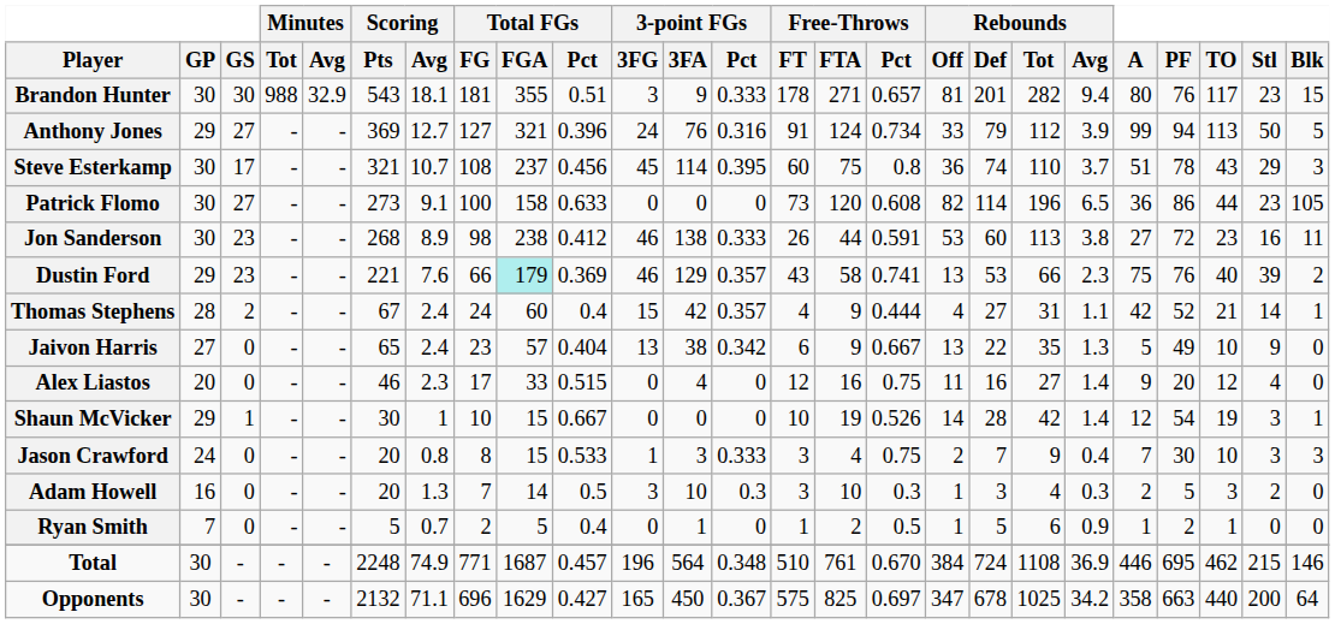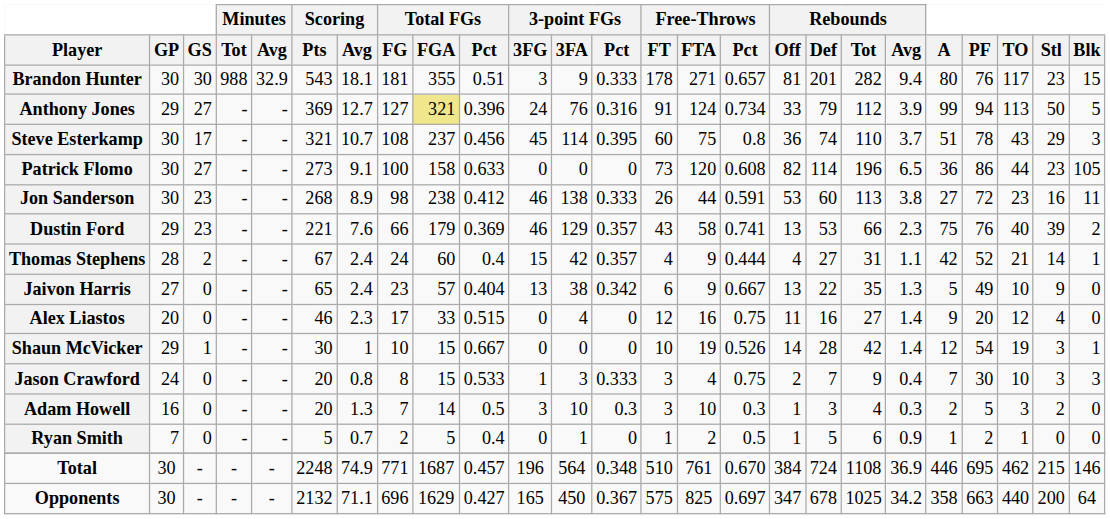 <table class="wikitable sortable" border="1" style="font-size:90%;">
 <tr>
 <th colspan="3" style="border-top-style:hidden; border-left-style:hidden; background: white;"></th>
 <th colspan="2" style=>Minutes</th>
 <th colspan="2" style=>Scoring</th>
 <th colspan="3" style=>Total FGs</th>
 <th colspan="3" style=>3-point FGs</th>
 <th colspan="3" style=>Free-Throws</th>
 <th colspan="4" style=>Rebounds</th>
 <th colspan="5" style="border-top-style:hidden; border-right-style:hidden; background: white;"></th>
 </tr>
 <tr>
 <th scope="col" style=>Player</th>
 <th scope="col" style=>GP</th>
 <th scope="col" style=>GS</th>
 <th scope="col" style=>Tot</th>
 <th scope="col" style=>Avg</th>
 <th scope="col" style=>Pts</th>
 <th scope="col" style=>Avg</th>
 <th scope="col" style=>FG</th>
 <th scope="col" style=>FGA</th>
 <th scope="col" style=>Pct</th>
 <th scope="col" style=>3FG</th>
 <th scope="col" style=>3FA</th>
 <th scope="col" style=>Pct</th>
 <th scope="col" style=>FT</th>
 <th scope="col" style=>FTA</th>
 <th scope="col" style=>Pct</th>
 <th scope="col" style=>Off</th>
 <th scope="col" style=>Def</th>
 <th scope="col" style=>Tot</th>
 <th scope="col" style=>Avg</th>
 <th scope="col" style=>A</th>
 <th scope="col" style=>PF</th>
 <th scope="col" style=>TO</th>
 <th scope="col" style=>Stl</th>
 <th scope="col" style=>Blk</th>
 </tr>
 <tr>
 <th>Brandon Hunter</th>
 <td align="right">30</td>
 <td align="right">30</td>
 <td align="right">988</td>
 <td align="right">32.9</td>
 <td align="right">543</td>
 <td align="right">18.1</td>
 <td align="right">181</td>
 <td align="right">355</td>
 <td align="right">0.51</td>
 <td align="right">3</td>
 <td align="right">9</td>
 <td align="right">0.333</td>
 <td align="right">178</td>
 <td align="right">271</td>
 <td align="right">0.657</td>
 <td align="right">81</td>
 <td align="right">201</td>
 <td align="right">282</td>
 <td align="right">9.4</td>
 <td align="right">80</td>
 <td align="right">76</td>
 <td align="right">117</td>
 <td align="right">23</td>
 <td align="right">15</td>
 </tr>
 <tr>
 <th>Anthony Jones</th>
 <td align="right">29</td>
 <td align="right">27</td>
 <td align="right">-</td>
 <td align="right">-</td>
 <td align="right">369</td>
 <td align="right">12.7</td>
 <td align="right">127</td>
-<td align="right">321</td>
+<td align="right" style="background: khaki;">321</td>
 <td align="right">0.396</td>
 <td align="right">24</td>
 <td align="right">76</td>
 <td align="right">0.316</td>
 <td align="right">91</td>
 <td align="right">124</td>
 <td align="right">0.734</td>
 <td align="right">33</td>
 <td align="right">79</td>
 <td align="right">112</td>
 <td align="right">3.9</td>
 <td align="right">99</td>
 <td align="right">94</td>
 <td align="right">113</td>
 <td align="right">50</td>
 <td align="right">5</td>
 </tr>
 <tr>
 <th>Steve Esterkamp</th>
 <td align="right">30</td>
 <td align="right">17</td>
 <td align="right">-</td>
 <td align="right">-</td>
 <td align="right">321</td>
 <td align="right">10.7</td>
 <td align="right">108</td>
 <td align="right">237</td>
 <td align="right">0.456</td>
 <td align="right">45</td>
 <td align="right">114</td>
 <td align="right">0.395</td>
 <td align="right">60</td>
 <td align="right">75</td>
 <td align="right">0.8</td>
 <td align="right">36</td>
 <td align="right">74</td>
 <td align="right">110</td>
 <td align="right">3.7</td>
 <td align="right">51</td>
 <td align="right">78</td>
 <td align="right">43</td>
 <td align="right">29</td>
 <td align="right">3</td>
 </tr>
 <tr>
 <th>Patrick Flomo</th>
 <td align="right">30</td>
 <td align="right">27</td>
 <td align="right">-</td>
 <td align="right">-</td>
 <td align="right">273</td>
 <td align="right">9.1</td>
 <td align="right">100</td>
 <td align="right">158</td>
 <td align="right">0.633</td>
 <td align="right">0</td>
 <td align="right">0</td>
 <td align="right">0</td>
 <td align="right">73</td>
 <td align="right">120</td>
 <td align="right">0.608</td>
 <td align="right">82</td>
 <td align="right">114</td>
 <td align="right">196</td>
 <td align="right">6.5</td>
 <td align="right">36</td>
 <td align="right">86</td>
 <td align="right">44</td>
 <td align="right">23</td>
 <td align="right">105</td>
 </tr>
 <tr>
 <th>Jon Sanderson</th>
 <td align="right">30</td>
 <td align="right">23</td>
 <td align="right">-</td>
 <td align="right">-</td>
 <td align="right">268</td>
 <td align="right">8.9</td>
 <td align="right">98</td>
 <td align="right">238</td>
 <td align="right">0.412</td>
 <td align="right">46</td>
 <td align="right">138</td>
 <td align="right">0.333</td>
 <td align="right">26</td>
 <td align="right">44</td>
 <td align="right">0.591</td>
 <td align="right">53</td>
 <td align="right">60</td>
 <td align="right">113</td>
 <td align="right">3.8</td>
 <td align="right">27</td>
 <td align="right">72</td>
 <td align="right">23</td>
 <td align="right">16</td>
 <td align="right">11</td>
 </tr>
 <tr>
 <th>Dustin Ford</th>
 <td align="right">29</td>
 <td align="right">23</td>
 <td align="right">-</td>
 <td align="right">-</td>
 <td align="right">221</td>
 <td align="right">7.6</td>
 <td align="right">66</td>
-<td align="right" style="background: paleturquoise;">179</td>
+<td align="right">179</td>
 <td align="right">0.369</td>
 <td align="right">46</td>
 <td align="right">129</td>
 <td align="right">0.357</td>
 <td align="right">43</td>
 <td align="right">58</td>
 <td align="right">0.741</td>
 <td align="right">13</td>
 <td align="right">53</td>
 <td align="right">66</td>
 <td align="right">2.3</td>
 <td align="right">75</td>
 <td align="right">76</td>
 <td align="right">40</td>
 <td align="right">39</td>
 <td align="right">2</td>
 </tr>
 <tr>
 <th>Thomas Stephens</th>
 <td align="right">28</td>
 <td align="right">2</td>
 <td align="right">-</td>
 <td align="right">-</td>
 <td align="right">67</td>
 <td align="right">2.4</td>
 <td align="right">24</td>
 <td align="right">60</td>
 <td align="right">0.4</td>
 <td align="right">15</td>
 <td align="right">42</td>
 <td align="right">0.357</td>
 <td align="right">4</td>
 <td align="right">9</td>
 <td align="right">0.444</td>
 <td align="right">4</td>
 <td align="right">27</td>
 <td align="right">31</td>
 <td align="right">1.1</td>
 <td align="right">42</td>
 <td align="right">52</td>
 <td align="right">21</td>
 <td align="right">14</td>
 <td align="right">1</td>
 </tr>
 <tr>
 <th>Jaivon Harris</th>
 <td align="right">27</td>
 <td align="right">0</td>
 <td align="right">-</td>
 <td align="right">-</td>
 <td align="right">65</td>
 <td align="right">2.4</td>
 <td align="right">23</td>
 <td align="right">57</td>
 <td align="right">0.404</td>
 <td align="right">13</td>
 <td align="right">38</td>
 <td align="right">0.342</td>
 <td align="right">6</td>
 <td align="right">9</td>
 <td align="right">0.667</td>
 <td align="right">13</td>
 <td align="right">22</td>
 <td align="right">35</td>
 <td align="right">1.3</td>
 <td align="right">5</td>
 <td align="right">49</td>
 <td align="right">10</td>
 <td align="right">9</td>
 <td align="right">0</td>
 </tr>
 <tr>
 <th>Alex Liastos</th>
 <td align="right">20</td>
 <td align="right">0</td>
 <td align="right">-</td>
 <td align="right">-</td>
 <td align="right">46</td>
 <td align="right">2.3</td>
 <td align="right">17</td>
 <td align="right">33</td>
 <td align="right">0.515</td>
 <td align="right">0</td>
 <td align="right">4</td>
 <td align="right">0</td>
 <td align="right">12</td>
 <td align="right">16</td>
 <td align="right">0.75</td>
 <td align="right">11</td>
 <td align="right">16</td>
 <td align="right">27</td>
 <td align="right">1.4</td>
 <td align="right">9</td>
 <td align="right">20</td>
 <td align="right">12</td>
 <td align="right">4</td>
 <td align="right">0</td>
 </tr>
 <tr>
 <th>Shaun McVicker</th>
 <td align="right">29</td>
 <td align="right">1</td>
 <td align="right">-</td>
 <td align="right">-</td>
 <td align="right">30</td>
 <td align="right">1</td>
 <td align="right">10</td>
 <td align="right">15</td>
 <td align="right">0.667</td>
 <td align="right">0</td>
 <td align="right">0</td>
 <td align="right">0</td>
 <td align="right">10</td>
 <td align="right">19</td>
 <td align="right">0.526</td>
 <td align="right">14</td>
 <td align="right">28</td>
 <td align="right">42</td>
 <td align="right">1.4</td>
 <td align="right">12</td>
 <td align="right">54</td>
 <td align="right">19</td>
 <td align="right">3</td>
 <td align="right">1</td>
 </tr>
 <tr>
 <th>Jason Crawford</th>
 <td align="right">24</td>
 <td align="right">0</td>
 <td align="right">-</td>
 <td align="right">-</td>
 <td align="right">20</td>
 <td align="right">0.8</td>
 <td align="right">8</td>
 <td align="right">15</td>
 <td align="right">0.533</td>
 <td align="right">1</td>
 <td align="right">3</td>
 <td align="right">0.333</td>
 <td align="right">3</td>
 <td align="right">4</td>
 <td align="right">0.75</td>
 <td align="right">2</td>
 <td align="right">7</td>
 <td align="right">9</td>
 <td align="right">0.4</td>
 <td align="right">7</td>
 <td align="right">30</td>
 <td align="right">10</td>
 <td align="right">3</td>
 <td align="right">3</td>
 </tr>
 <tr>
 <th>Adam Howell</th>
 <td align="right">16</td>
 <td align="right">0</td>
 <td align="right">-</td>
 <td align="right">-</td>
 <td align="right">20</td>
 <td align="right">1.3</td>
 <td align="right">7</td>
 <td align="right">14</td>
 <td align="right">0.5</td>
 <td align="right">3</td>
 <td align="right">10</td>
 <td align="right">0.3</td>
 <td align="right">3</td>
 <td align="right">10</td>
 <td align="right">0.3</td>
 <td align="right">1</td>
 <td align="right">3</td>
 <td align="right">4</td>
 <td align="right">0.3</td>
 <td align="right">2</td>
 <td align="right">5</td>
 <td align="right">3</td>
 <td align="right">2</td>
 <td align="right">0</td>
 </tr>
 <tr>
 <th>Ryan Smith</th>
 <td align="right">7</td>
 <td align="right">0</td>
 <td align="right">-</td>
 <td align="right">-</td>
 <td align="right">5</td>
 <td align="right">0.7</td>
 <td align="right">2</td>
 <td align="right">5</td>
 <td align="right">0.4</td>
 <td align="right">0</td>
 <td align="right">1</td>
 <td align="right">0</td>
 <td align="right">1</td>
 <td align="right">2</td>
 <td align="right">0.5</td>
 <td align="right">1</td>
 <td align="right">5</td>
 <td align="right">6</td>
 <td align="right">0.9</td>
 <td align="right">1</td>
 <td align="right">2</td>
 <td align="right">1</td>
 <td align="right">0</td>
 <td align="right">0</td>
 </tr>
 <tr>
 </tr>
 <tr class="sortbottom">
 <td align="center" style=><strong>Total</strong></td>
 <td align="center" style=>30</td>
 <td align="center" style=>-</td>
 <td align="center" style=>-</td>
 <td align="center" style=>-</td>
 <td align="center" style=>2248</td>
 <td align="center" style=>74.9</td>
 <td align="center" style=>771</td>
 <td align="center" style=>1687</td>
 <td align="center" style=>0.457</td>
 <td align="center" style=>196</td>
 <td align="center" style=>564</td>
 <td align="center" style=>0.348</td>
 <td align="center" style=>510</td>
 <td align="center" style=>761</td>
 <td align="center" style=>0.670</td>
 <td align="center" style=>384</td>
 <td align="center" style=>724</td>
 <td align="center" style=>1108</td>
 <td align="center" style=>36.9</td>
 <td align="center" style=>446</td>
 <td align="center" style=>695</td>
 <td align="center" style=>462</td>
 <td align="center" style=>215</td>
 <td align="center" style=>146</td>
 </tr>
 <tr class="sortbottom">
 <td align="center"><strong>Opponents</strong></td>
 <td align="center">30</td>
 <td align="center">-</td>
 <td align="center">-</td>
 <td align="center">-</td>
 <td align="center">2132</td>
 <td align="center">71.1</td>
 <td align="center">696</td>
 <td align="center">1629</td>
 <td align="center">0.427</td>
 <td align="center">165</td>
 <td align="center">450</td>
 <td align="center">0.367</td>
 <td align="center">575</td>
 <td align="center">825</td>
 <td align="center">0.697</td>
 <td align="center">347</td>
 <td align="center">678</td>
 <td align="center">1025</td>
 <td align="center">34.2</td>
 <td align="center">358</td>
 <td align="center">663</td>
 <td align="center">440</td>
 <td align="center">200</td>
 <td align="center">64</td>
 </tr>
 </table>
